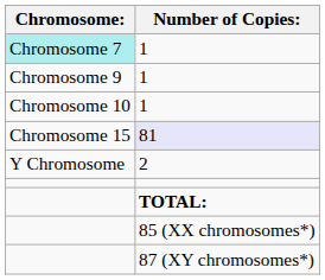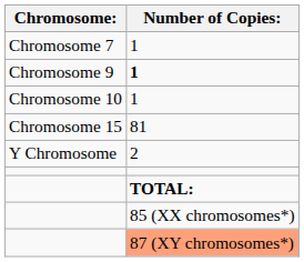 <table class="wikitable">
 <tr>
 <th>Chromosome:</th>
 <th>Number of Copies:</th>
 </tr>
 <tr>
-<td style="background: paleturquoise;">Chromosome 7</td>
+<td>Chromosome 7</td>
 <td>1</td>
 </tr>
 <tr>
 <td>Chromosome 9</td>
-<td>1</td>
+<td><strong>1</strong></td>
 </tr>
 <tr>
 <td>Chromosome 10</td>
 <td>1</td>
 </tr>
 <tr>
 <td>Chromosome 15</td>
-<td style="background: lavender;">81</td>
+<td>81</td>
 </tr>
 <tr>
 <td>Y Chromosome</td>
 <td>2</td>
 </tr>
 <tr>
 <td></td>
 <td></td>
 </tr>
 <tr>
 <td></td>
 <td><strong>TOTAL:</strong></td>
 </tr>
 <tr>
 <td></td>
 <td>85 (XX chromosomes*)</td>
 </tr>
 <tr>
 <td></td>
-<td>87 (XY chromosomes*)</td>
+<td style="background: lightsalmon;">87 (XY chromosomes*)</td>
 </tr>
 </table>
